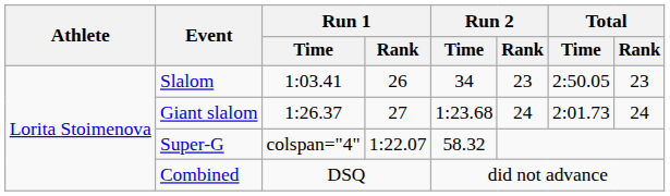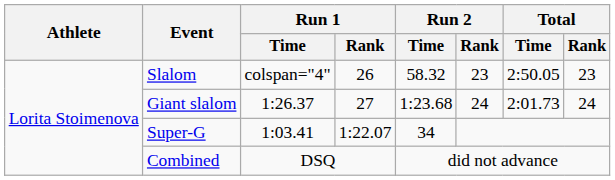 <table class="wikitable" style="font-size:90%">
 <tr>
 <th rowspan=2>Athlete</th>
 <th rowspan=2>Event</th>
 <th colspan=2>Run 1</th>
 <th colspan=2>Run 2</th>
 <th colspan=2>Total</th>
 </tr>
 <tr style="font-size:95%">
 <th>Time</th>
 <th>Rank</th>
 <th>Time</th>
 <th>Rank</th>
 <th>Time</th>
 <th>Rank</th>
 </tr>
 <tr align=center>
 <td align="left" rowspan="4"><a href='#'>Lorita Stoimenova</a></td>
 <td align="left"><a href='#'>Slalom</a></td>
-<td>1:03.41</td>
+<td>colspan="4" </td>
 <td>26</td>
-<td>34</td>
+<td>58.32</td>
 <td>23</td>
 <td>2:50.05</td>
 <td>23</td>
 </tr>
 <tr align=center>
 <td align="left"><a href='#'>Giant slalom</a></td>
 <td>1:26.37</td>
 <td>27</td>
 <td>1:23.68</td>
 <td>24</td>
 <td>2:01.73</td>
 <td>24</td>
 </tr>
 <tr align=center>
 <td align="left"><a href='#'>Super-G</a></td>
-<td>colspan="4" </td>
+<td>1:03.41</td>
 <td>1:22.07</td>
-<td>58.32</td>
+<td>34</td>
 </tr>
 <tr align=center>
 <td align="left"><a href='#'>Combined</a></td>
 <td colspan=2>DSQ</td>
 <td colspan=4>did not advance</td>
 </tr>
 </table>
